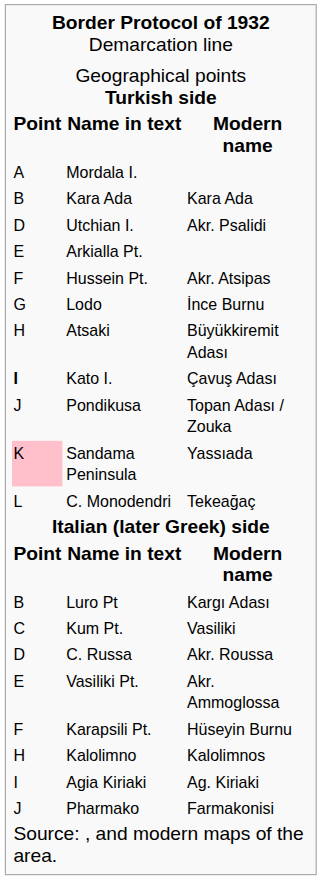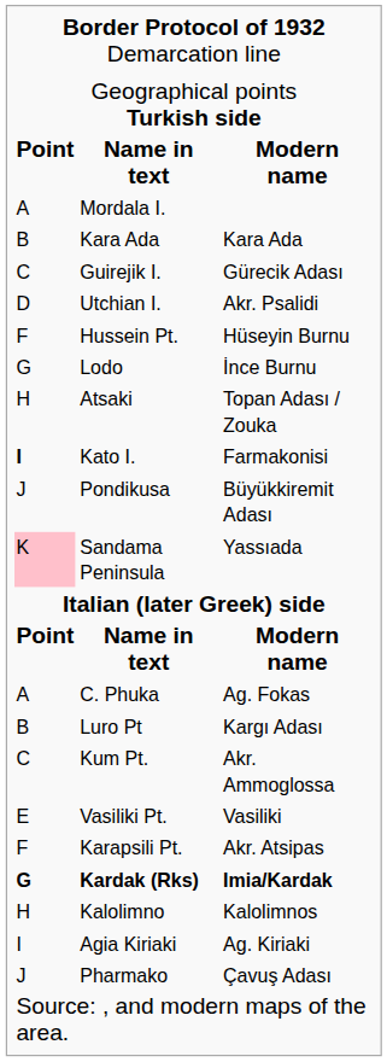 <table class="infobox" style="width:260px;cell-padding:none;">
 <tr>
 <td colspan="3" style="text-align:center;"><strong>Border Protocol of 1932</strong><br>Demarcation line</td>
 </tr>
 <tr>
 <td colspan="3"></td>
 </tr>
 <tr>
 <td colspan="3" style="text-align:center;">Geographical points <br><strong>Turkish side</strong></td>
 </tr>
 <tr>
 <th>Point</th>
 <th>Name in text</th>
 <th>Modern name</th>
 </tr>
 <tr>
 <td><small>A</small></td>
 <td><small>Mordala I.</small></td>
 <td></td>
 </tr>
 <tr>
 <td><small>B</small></td>
 <td><small>Kara Ada</small></td>
 <td><small>Kara Ada</small></td>
 </tr>
 <tr>
+<td><small>C</small></td>
+<td><small>Guirejik I.</small></td>
+<td><small>Gürecik Adası</small></td>
+</tr>
+<tr>
 <td><small>D</small></td>
 <td><small>Utchian I.</small></td>
 <td><small>Akr. Psalidi</small></td>
 </tr>
 <tr>
-<td><small>E</small></td>
-<td><small>Arkialla Pt.</small></td>
-<td></td>
-</tr>
-<tr>
 <td><small>F</small></td>
 <td><small>Hussein Pt.</small></td>
-<td><small>Akr. Atsipas</small></td>
+<td><small>Hüseyin Burnu</small></td>
 </tr>
 <tr>
 <td><small>G</small></td>
 <td><small>Lodo</small></td>
 <td><small>İnce Burnu</small></td>
 </tr>
 <tr>
 <td><small>H</small></td>
 <td><small>Atsaki</small></td>
-<td><small>Büyükkiremit Adası</small></td>
+<td><small>Topan Adası / Zouka</small></td>
 </tr>
 <tr>
 <td><strong><small>I</small></strong></td>
 <td><small>Kato I.</small></td>
-<td><small>Çavuş Adası</small></td>
+<td><small>Farmakonisi</small></td>
 </tr>
 <tr>
 <td><small>J</small></td>
 <td><small>Pondikusa</small></td>
-<td><small>Topan Adası / Zouka</small></td>
+<td><small>Büyükkiremit Adası</small></td>
 </tr>
 <tr>
 <td style="background: pink;"><small>K</small></td>
 <td><small>Sandama Peninsula</small></td>
 <td><small>Yassıada</small></td>
-</tr>
-<tr>
-<td><small>L</small></td>
-<td><small>C. Monodendri</small></td>
-<td><small>Tekeağaç</small></td>
 </tr>
 <tr>
 <td colspan="3" style="text-align:center;"><strong>Italian (later Greek) side</strong></td>
 </tr>
 <tr>
 <th>Point</th>
 <th>Name in text</th>
 <th>Modern name</th>
 </tr>
 <tr>
+<td><small>A</small></td>
+<td><small>C. Phuka</small></td>
+<td><small>Ag. Fokas</small></td>
+</tr>
+<tr>
 <td><small>B</small></td>
 <td><small>Luro Pt</small></td>
 <td><small>Kargı Adası</small></td>
 </tr>
 <tr>
 <td><small>C</small></td>
 <td><small>Kum Pt.</small></td>
-<td><small>Vasiliki </small></td>
-</tr>
-<tr>
-<td><small>D</small></td>
-<td><small>C. Russa </small></td>
-<td><small>Akr. Roussa </small></td>
+<td><small>Akr. Ammoglossa</small></td>
 </tr>
 <tr>
 <td><small>E</small></td>
 <td><small>Vasiliki Pt.</small></td>
-<td><small>Akr. Ammoglossa</small></td>
+<td><small>Vasiliki </small></td>
 </tr>
 <tr>
 <td><small>F</small></td>
 <td><small>Karapsili Pt.</small></td>
-<td><small>Hüseyin Burnu</small></td>
+<td><small>Akr. Atsipas</small></td>
+</tr>
+<tr>
+<td><small><strong>G</strong></small></td>
+<td><small><strong>Kardak (Rks)</strong></small></td>
+<td><small><strong>Imia/Kardak</strong></small></td>
 </tr>
 <tr>
 <td><small>H</small></td>
 <td><small>Kalolimno</small></td>
 <td><small>Kalolimnos</small></td>
 </tr>
 <tr>
 <td><small>I</small></td>
 <td><small>Agia Kiriaki</small></td>
 <td><small>Ag. Kiriaki</small></td>
 </tr>
 <tr>
 <td><small>J</small></td>
 <td><small>Pharmako</small></td>
-<td><small>Farmakonisi</small></td>
+<td><small>Çavuş Adası</small></td>
 </tr>
 <tr>
 <td colspan="3">Source: , and modern maps of the area.</td>
 </tr>
 </table>
